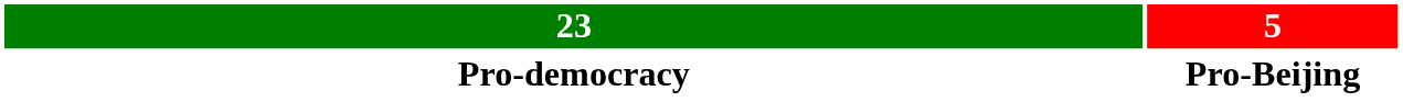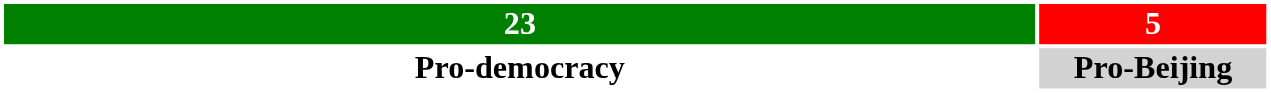 <table style="width:50%; text-align:center;">
 <tr style="color:white;">
 <td style="background:green; width:82%;"><strong>23</strong></td>
 <td style="background:red; width:18%;"><strong>5</strong></td>
 </tr>
 <tr>
 <td><span><strong>Pro-democracy</strong></span></td>
-<td><span><strong>Pro-Beijing</strong></span></td>
+<td style="background: lightgrey;"><span><strong>Pro-Beijing</strong></span></td>
 </tr>
 </table>
